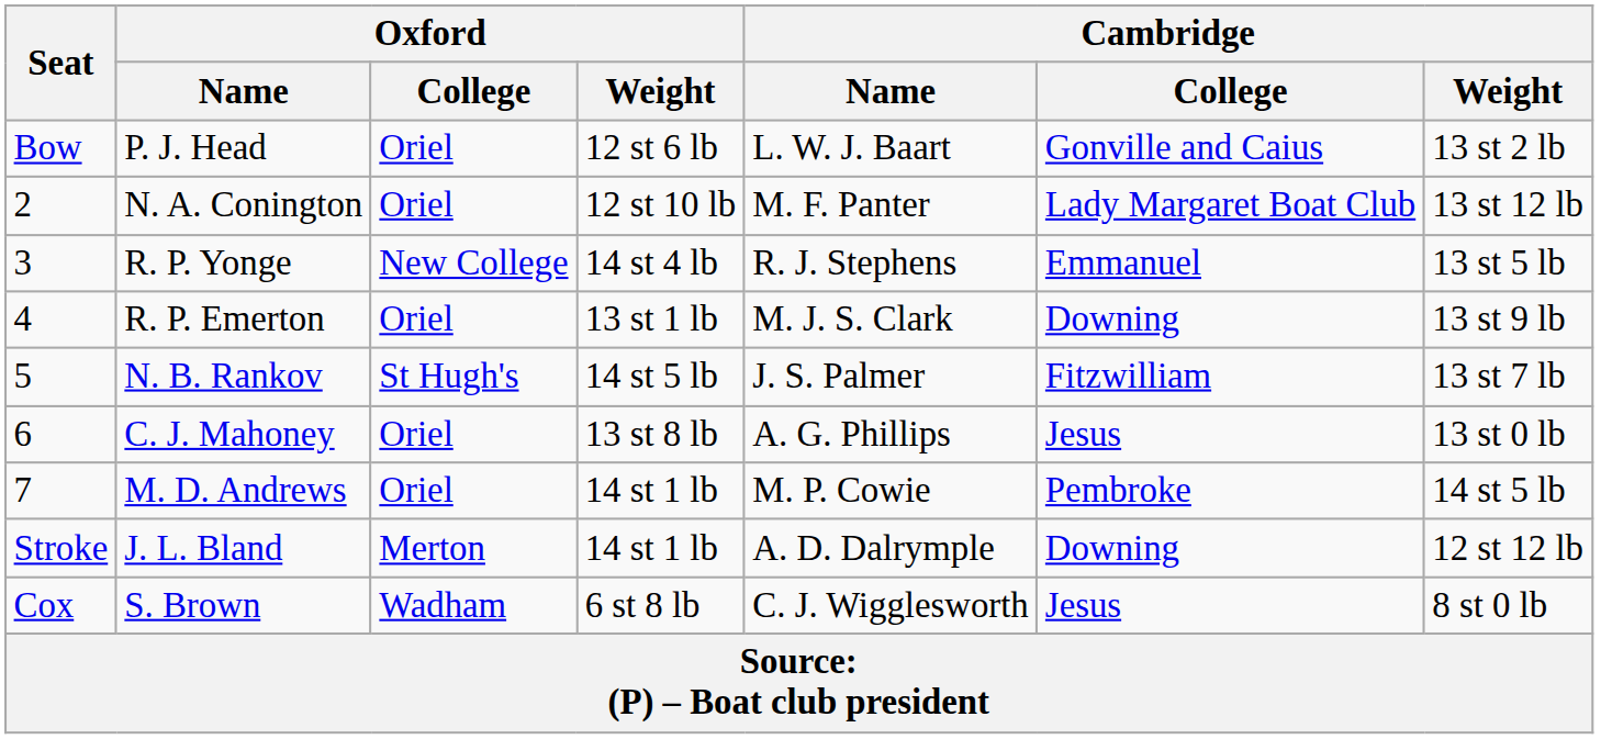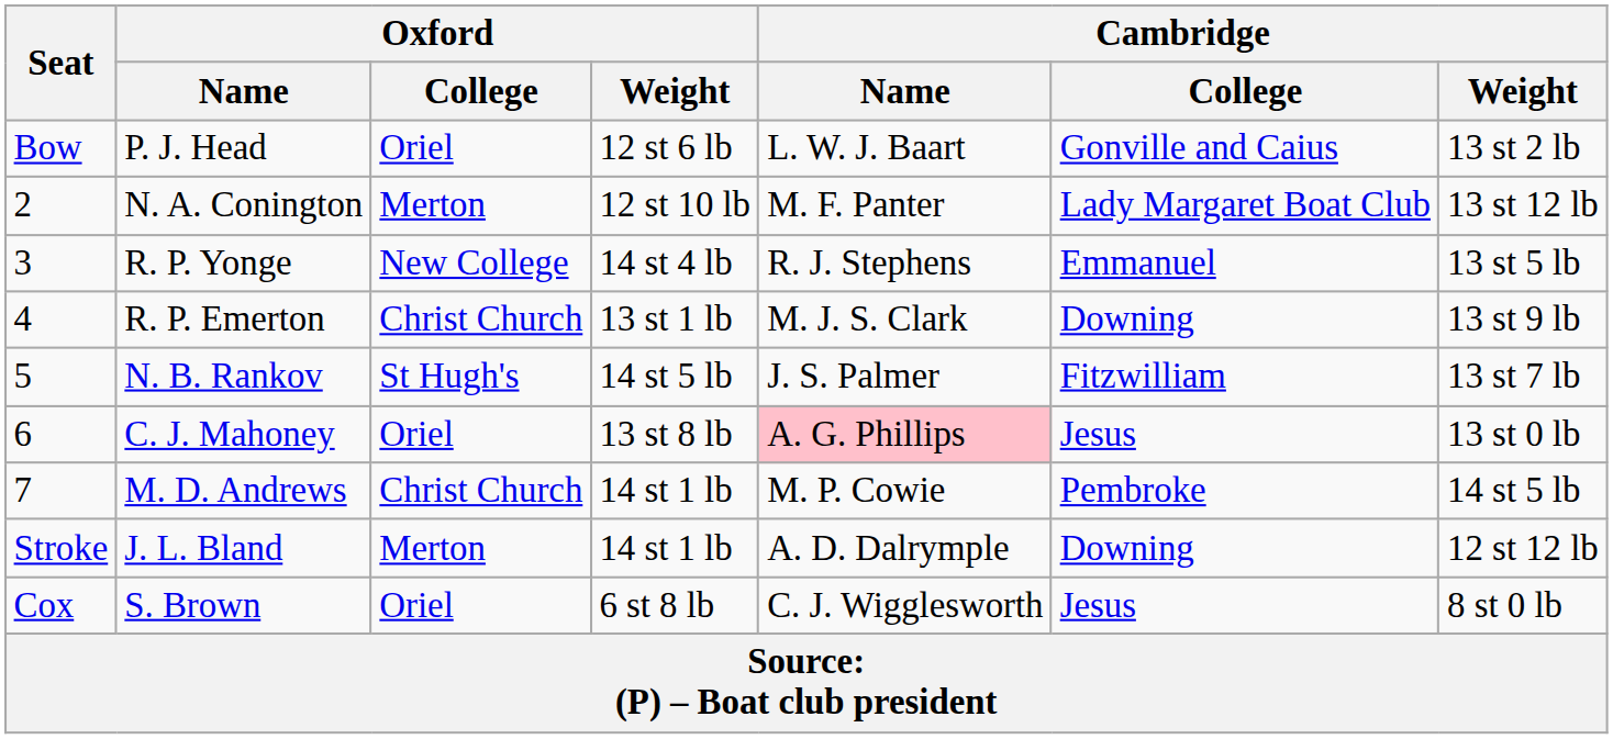 <table class="wikitable">
 <tr>
 <th rowspan="2" scope="col">Seat</th>
 <th colspan="3" scope="col">Oxford <br> </th>
 <th colspan="3" scope="col">Cambridge <br> </th>
 </tr>
 <tr>
 <th>Name</th>
 <th>College</th>
 <th>Weight</th>
 <th>Name</th>
 <th>College</th>
 <th>Weight</th>
 </tr>
 <tr>
 <td><a href='#'>Bow</a></td>
 <td>P. J. Head</td>
 <td><a href='#'>Oriel</a></td>
 <td>12 st 6 lb</td>
 <td>L. W. J. Baart</td>
 <td><a href='#'>Gonville and Caius</a></td>
 <td>13 st 2 lb</td>
 </tr>
 <tr>
 <td>2</td>
 <td>N. A. Conington</td>
-<td><a href='#'>Oriel</a></td>
+<td><a href='#'>Merton</a></td>
 <td>12 st 10 lb</td>
 <td>M. F. Panter</td>
 <td><a href='#'>Lady Margaret Boat Club</a></td>
 <td>13 st 12 lb</td>
 </tr>
 <tr>
 <td>3</td>
 <td>R. P. Yonge</td>
 <td><a href='#'>New College</a></td>
 <td>14 st 4 lb</td>
 <td>R. J. Stephens</td>
 <td><a href='#'>Emmanuel</a></td>
 <td>13 st 5 lb</td>
 </tr>
 <tr>
 <td>4</td>
 <td>R. P. Emerton</td>
-<td><a href='#'>Oriel</a></td>
+<td><a href='#'>Christ Church</a></td>
 <td>13 st 1 lb</td>
 <td>M. J. S. Clark</td>
 <td><a href='#'>Downing</a></td>
 <td>13 st 9 lb</td>
 </tr>
 <tr>
 <td>5</td>
 <td><a href='#'>N. B. Rankov</a></td>
 <td><a href='#'>St Hugh's</a></td>
 <td>14 st 5 lb</td>
 <td>J. S. Palmer</td>
 <td><a href='#'>Fitzwilliam</a></td>
 <td>13 st 7 lb</td>
 </tr>
 <tr>
 <td>6</td>
 <td><a href='#'>C. J. Mahoney</a></td>
 <td><a href='#'>Oriel</a></td>
 <td>13 st 8 lb</td>
-<td>A. G. Phillips</td>
+<td style="background: pink;">A. G. Phillips</td>
 <td><a href='#'>Jesus</a></td>
 <td>13 st 0 lb</td>
 </tr>
 <tr>
 <td>7</td>
 <td><a href='#'>M. D. Andrews</a></td>
-<td><a href='#'>Oriel</a></td>
+<td><a href='#'>Christ Church</a></td>
 <td>14 st 1 lb</td>
 <td>M. P. Cowie</td>
 <td><a href='#'>Pembroke</a></td>
 <td>14 st 5 lb</td>
 </tr>
 <tr>
 <td><a href='#'>Stroke</a></td>
 <td><a href='#'> J. L. Bland</a></td>
 <td><a href='#'>Merton</a></td>
 <td>14 st 1 lb</td>
 <td>A. D. Dalrymple</td>
 <td><a href='#'>Downing</a></td>
 <td>12 st 12 lb</td>
 </tr>
 <tr>
 <td><a href='#'>Cox</a></td>
 <td><a href='#'>S. Brown</a></td>
-<td><a href='#'>Wadham</a></td>
+<td><a href='#'>Oriel</a></td>
 <td>6 st 8 lb</td>
 <td>C. J. Wigglesworth</td>
 <td><a href='#'>Jesus</a></td>
 <td>8 st 0 lb</td>
 </tr>
 <tr>
 <th colspan="7">Source:<br>(P) – Boat club president</th>
 </tr>
 </table>
